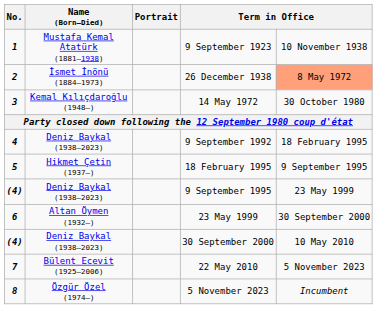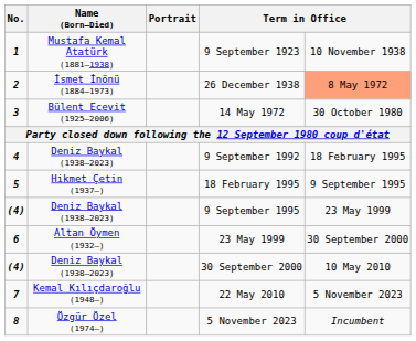 <table class="wikitable" style="text-align:center">
 <tr>
 <th>No.</th>
 <th width=150>Name<br><small>(Born–Died)</small></th>
 <th>Portrait</th>
 <th colspan=2>Term in Office</th>
 </tr>
 <tr>
 <td style="background: "><strong><em>1</em></strong></td>
 <td><a href='#'>Mustafa Kemal Atatürk</a><br><small>(1881–<a href='#'>1938</a>)</small></td>
 <td></td>
 <td>9 September 1923</td>
 <td>10 November 1938</td>
 </tr>
 <tr>
 <td style="background: "><strong><em>2</em></strong></td>
 <td><a href='#'>İsmet İnönü</a><br><small>(1884–1973)</small></td>
 <td></td>
 <td>26 December 1938</td>
 <td style="background: lightsalmon;">8 May 1972</td>
 </tr>
 <tr>
 <td style="background: "><strong><em>3</em></strong></td>
-<td><a href='#'>Kemal Kılıçdaroğlu</a><br><small>(1948–)</small></td>
+<td><a href='#'>Bülent Ecevit</a><br><small>(1925–2006)</small></td>
 <td></td>
 <td>14 May 1972</td>
 <td>30 October 1980</td>
 </tr>
 <tr>
 <th colspan=5><em>Party closed down following the <a href='#'>12 September 1980 coup d'état</a></em></th>
 </tr>
 <tr>
 <td style="background: "><strong><em>4</em></strong></td>
 <td><a href='#'>Deniz Baykal</a><br><small>(1938–2023)</small></td>
 <td></td>
 <td>9 September 1992</td>
 <td>18 February 1995</td>
 </tr>
 <tr>
 <td style="background: "><strong><em>5</em></strong></td>
 <td><a href='#'>Hikmet Çetin</a><br><small>(1937–)</small></td>
 <td></td>
 <td>18 February 1995</td>
 <td>9 September 1995</td>
 </tr>
 <tr>
 <td style="background: "><strong><em>(4)</em></strong></td>
 <td><a href='#'>Deniz Baykal</a><br><small>(1938–2023)</small></td>
 <td></td>
 <td>9 September 1995</td>
 <td>23 May 1999</td>
 </tr>
 <tr>
 <td style="background: "><strong><em>6</em></strong></td>
 <td><a href='#'>Altan Öymen</a><br><small>(1932–)</small></td>
 <td></td>
 <td>23 May 1999</td>
 <td>30 September 2000</td>
 </tr>
 <tr>
 <td style="background: "><strong><em>(4)</em></strong></td>
 <td><a href='#'>Deniz Baykal</a><br><small>(1938–2023)</small></td>
 <td></td>
 <td>30 September 2000</td>
 <td>10 May 2010</td>
 </tr>
 <tr>
 <td style="background: "><strong><em>7</em></strong></td>
-<td><a href='#'>Bülent Ecevit</a><br><small>(1925–2006)</small></td>
+<td><a href='#'>Kemal Kılıçdaroğlu</a><br><small>(1948–)</small></td>
 <td></td>
 <td>22 May 2010</td>
 <td>5 November 2023</td>
 </tr>
 <tr>
 <td style="background: "><strong><em>8</em></strong></td>
 <td><a href='#'>Özgür Özel</a><br><small>(1974–)</small></td>
 <td></td>
 <td>5 November 2023</td>
 <td><em>Incumbent</em></td>
 </tr>
 </table>
